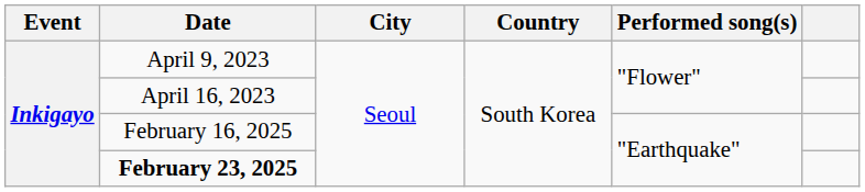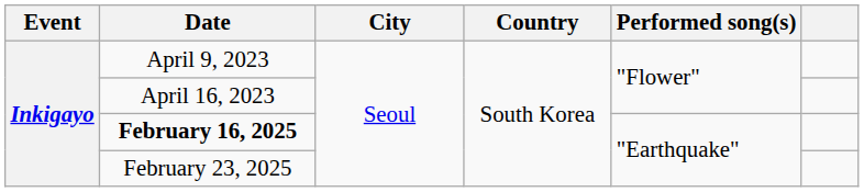 <table class="wikitable plainrowheaders" style="text-align:center">
 <tr>
 <th scope="col">Event</th>
 <th scope="col" style="width:9em">Date</th>
 <th scope="col" style="width:6em">City</th>
 <th scope="col" style="width:6em">Country</th>
 <th scope="col">Performed song(s)</th>
 <th scope="col" style="width:2em"></th>
 </tr>
 <tr>
 <th scope="row" rowspan="4"><em><a href='#'>Inkigayo</a></em></th>
 <td>April 9, 2023</td>
 <td rowspan="4"><a href='#'>Seoul</a></td>
 <td rowspan="4">South Korea</td>
 <td rowspan="2" style="text-align:left">"Flower"</td>
 <td></td>
 </tr>
 <tr>
 <td>April 16, 2023</td>
 <td></td>
 </tr>
 <tr>
-<td>February 16, 2025</td>
+<td><strong>February 16, 2025</strong></td>
 <td rowspan="2" style="text-align:left">"Earthquake"</td>
 <td></td>
 </tr>
 <tr>
-<td><strong>February 23, 2025</strong></td>
+<td>February 23, 2025</td>
 <td></td>
 </tr>
 </table>
